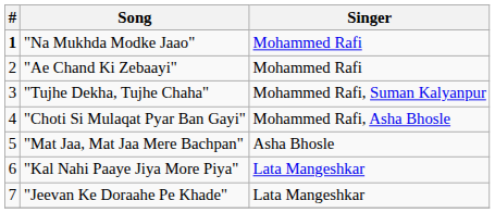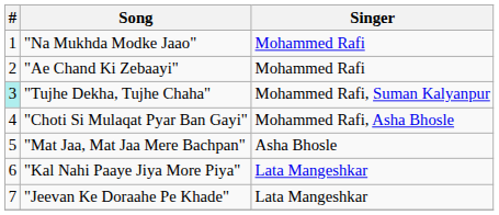 <table class="wikitable">
 <tr>
 <th>#</th>
 <th>Song</th>
 <th>Singer</th>
 </tr>
 <tr>
-<td><strong>1</strong></td>
+<td>1</td>
 <td>"Na Mukhda Modke Jaao"</td>
 <td><a href='#'>Mohammed Rafi</a></td>
 </tr>
 <tr>
 <td>2</td>
 <td>"Ae Chand Ki Zebaayi"</td>
 <td>Mohammed Rafi</td>
 </tr>
 <tr>
-<td>3</td>
+<td style="background: paleturquoise;">3</td>
 <td>"Tujhe Dekha, Tujhe Chaha"</td>
 <td>Mohammed Rafi, <a href='#'>Suman Kalyanpur</a></td>
 </tr>
 <tr>
 <td>4</td>
 <td>"Choti Si Mulaqat Pyar Ban Gayi"</td>
 <td>Mohammed Rafi, <a href='#'>Asha Bhosle</a></td>
 </tr>
 <tr>
 <td>5</td>
 <td>"Mat Jaa, Mat Jaa Mere Bachpan"</td>
 <td>Asha Bhosle</td>
 </tr>
 <tr>
 <td>6</td>
 <td>"Kal Nahi Paaye Jiya More Piya"</td>
 <td><a href='#'>Lata Mangeshkar</a></td>
 </tr>
 <tr>
 <td>7</td>
 <td>"Jeevan Ke Doraahe Pe Khade"</td>
 <td>Lata Mangeshkar</td>
 </tr>
 <tr>
 </tr>
 </table>
